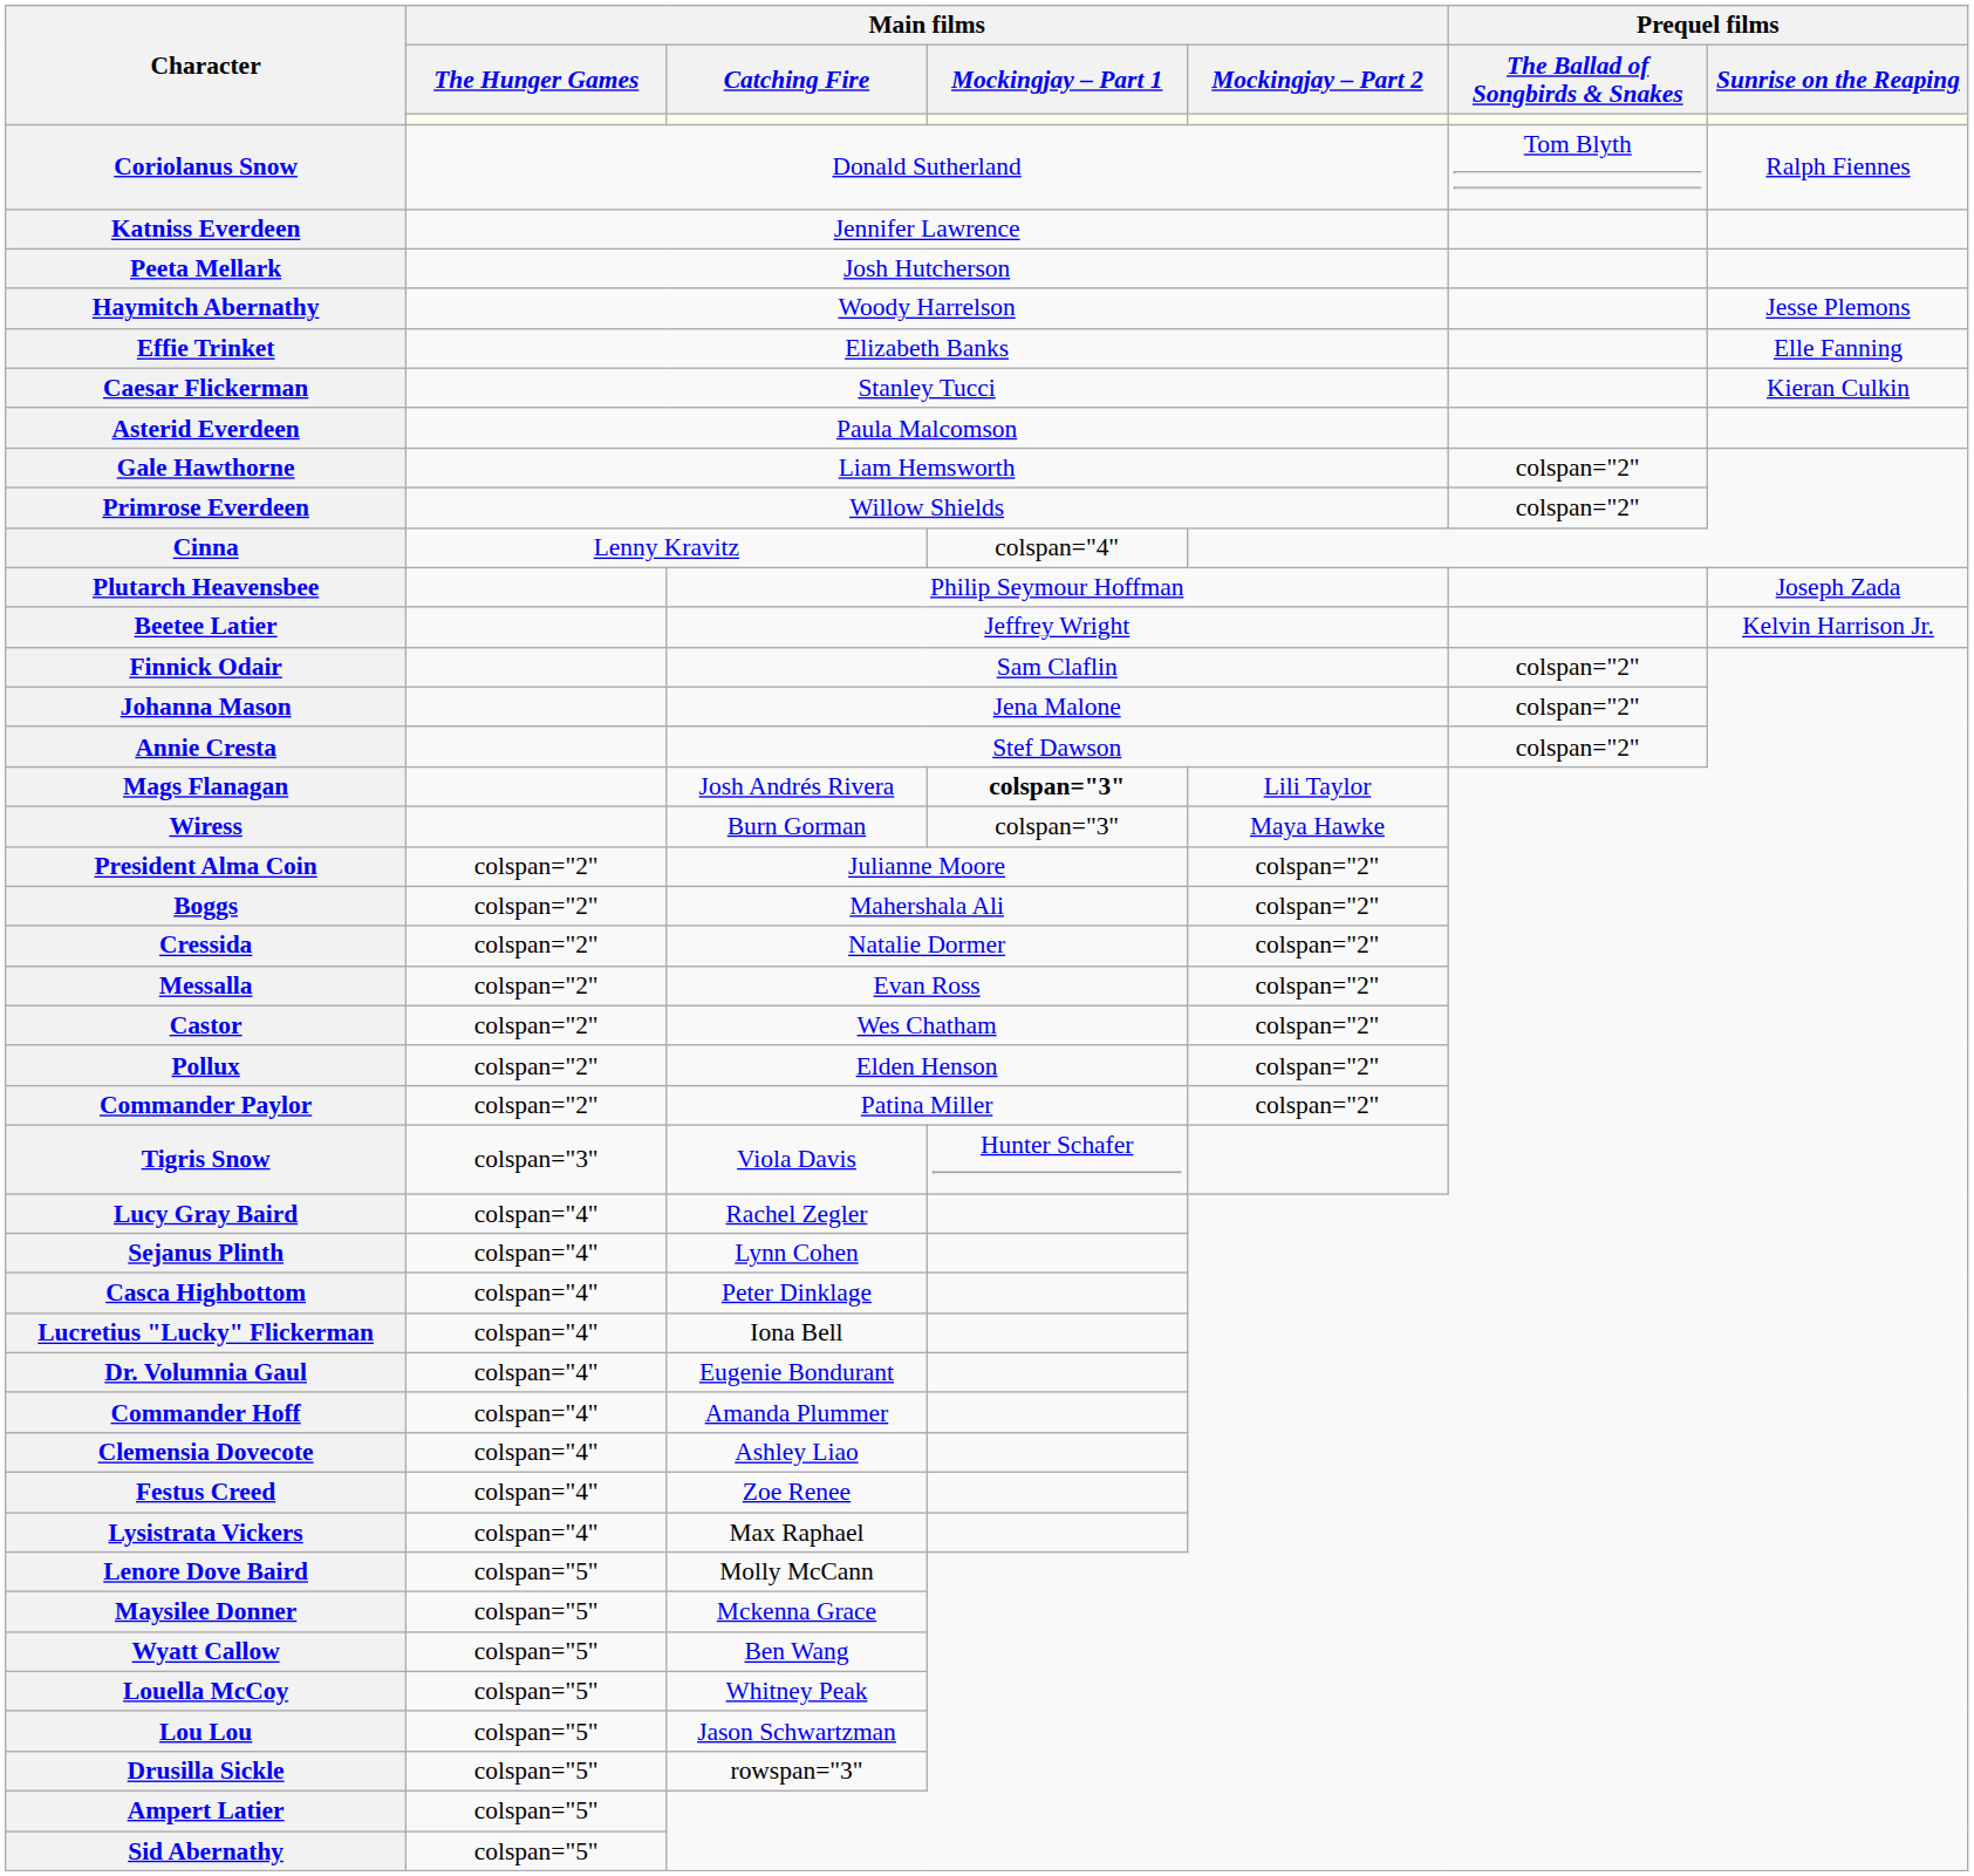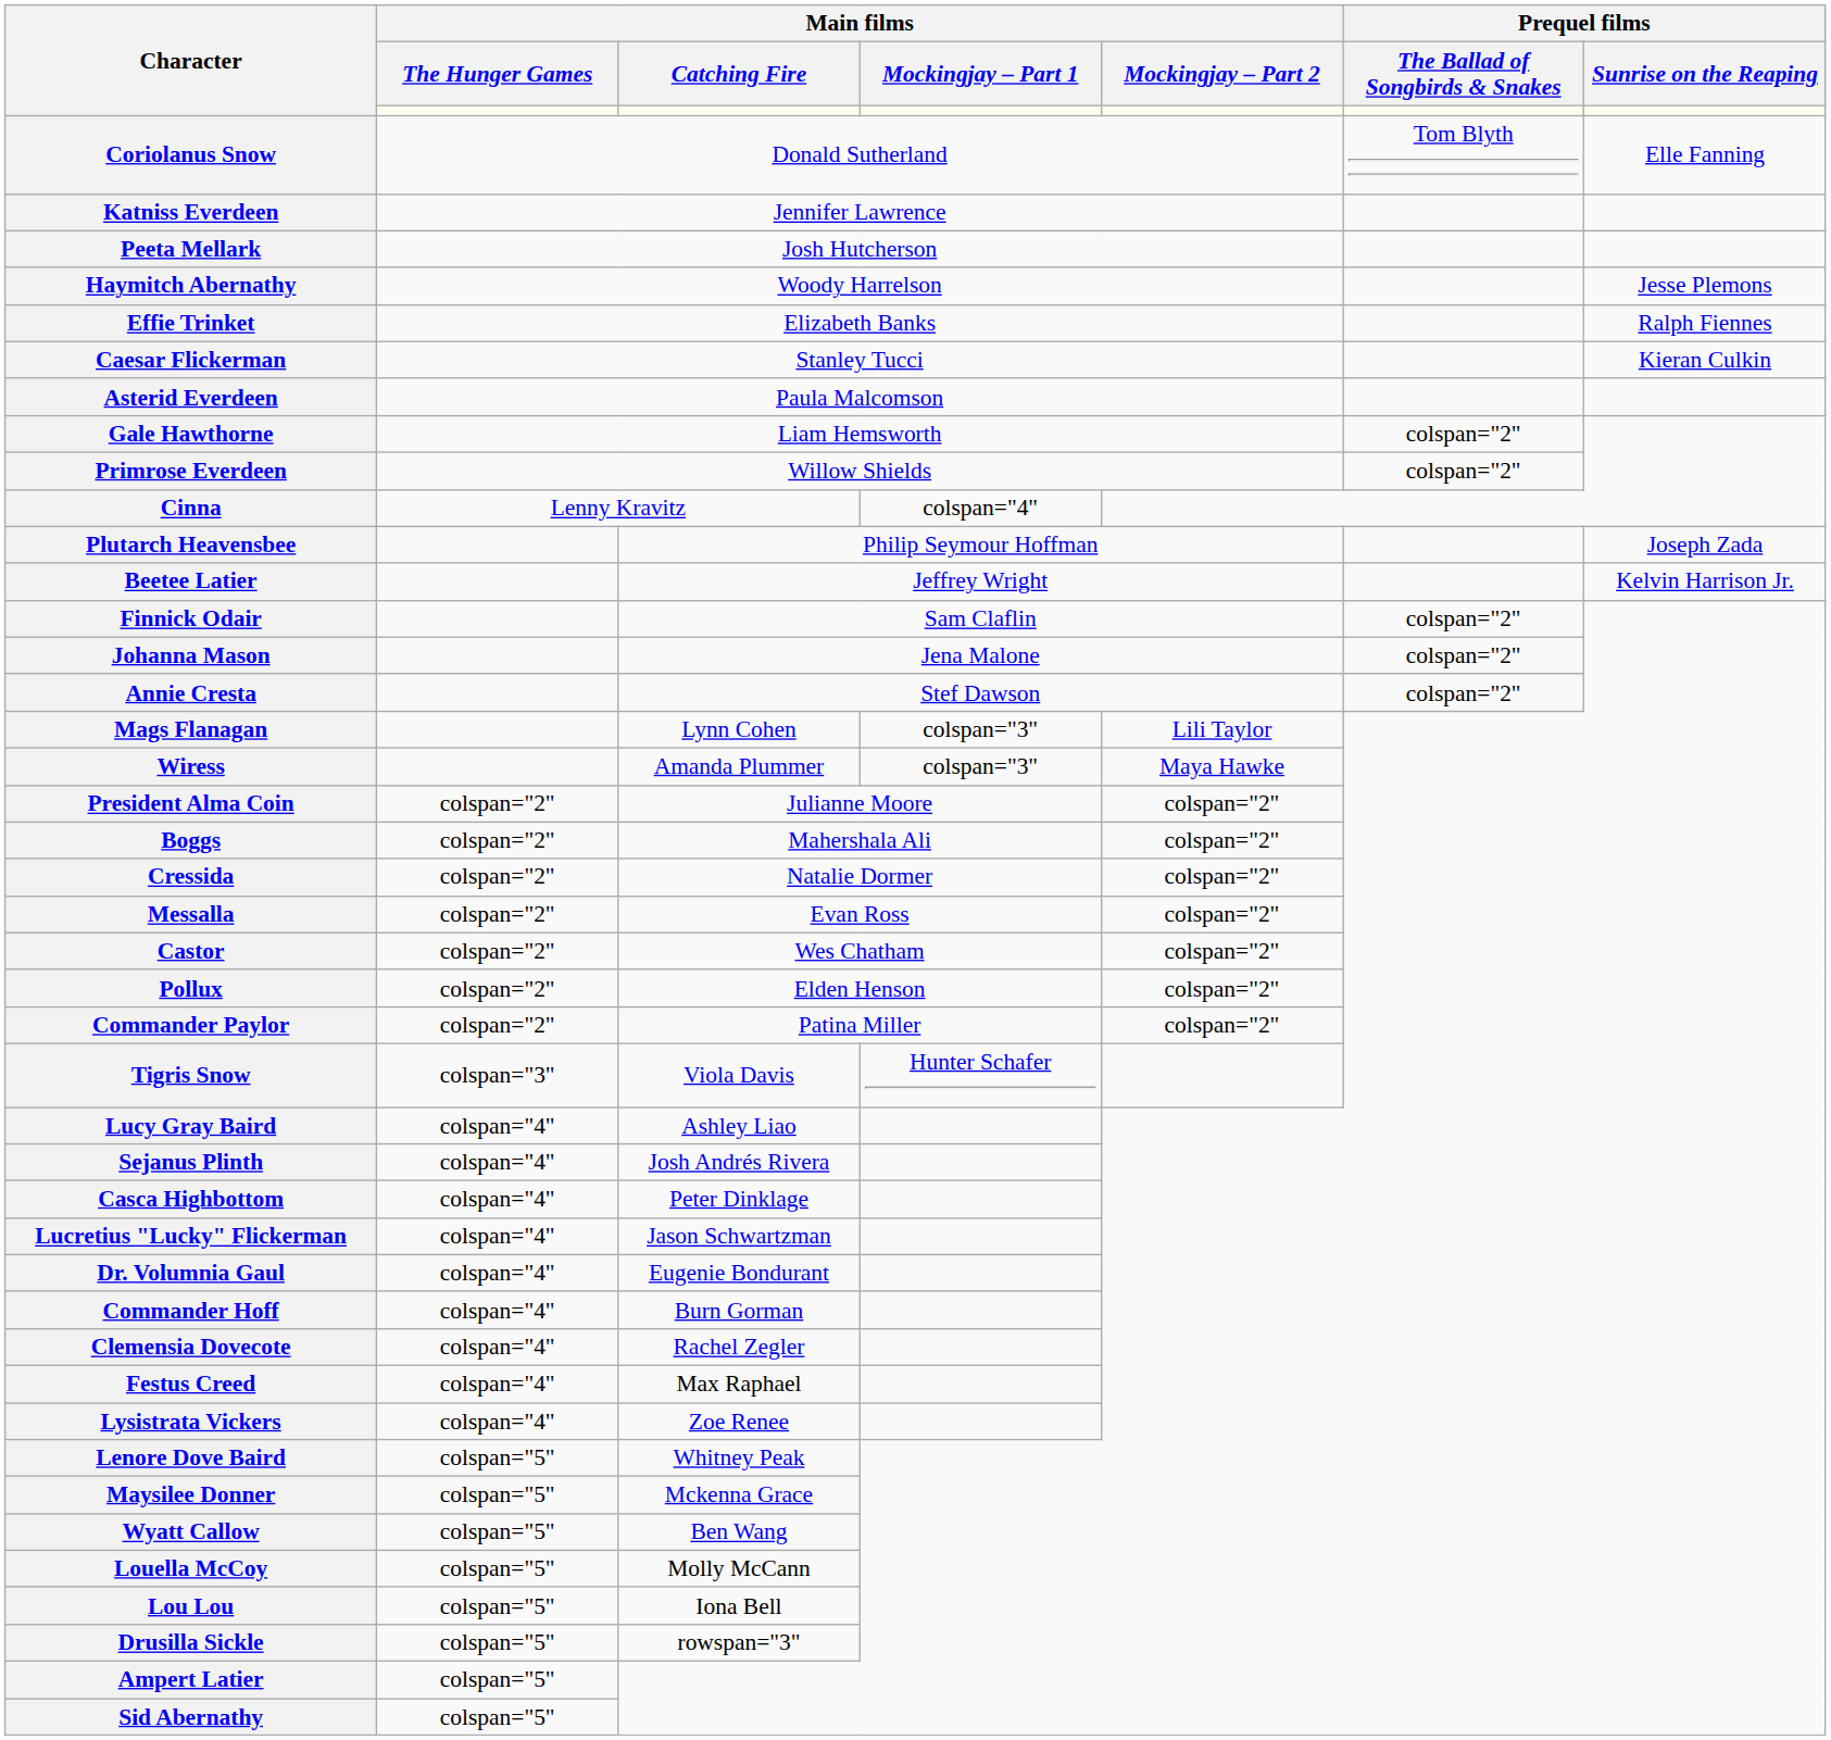 <table class="wikitable" style="text-align:center; width:99%">
 <tr>
 <th rowspan="3" width="20%">Character</th>
 <th colspan="4">Main films</th>
 <th colspan="2">Prequel films</th>
 </tr>
 <tr>
 <th width="13%"><em><a href='#'>The Hunger Games</a></em></th>
 <th width="13%"><em><a href='#'>Catching Fire</a></em></th>
 <th width="13%"><em><a href='#'>Mockingjay – Part 1</a></em></th>
 <th width="13%"><em><a href='#'>Mockingjay – Part 2</a></em></th>
 <th width="13%"><em><a href='#'>The Ballad of <br>Songbirds & Snakes</a></em></th>
 <th width="13%"><em><a href='#'>Sunrise on the Reaping</a></em></th>
 </tr>
 <tr>
 <th style="background:ivory"></th>
 <th style="background:ivory"></th>
 <th style="background:ivory"></th>
 <th style="background:ivory"></th>
 <th style="background:ivory"></th>
 <th style="background:ivory"></th>
 </tr>
 <tr>
 <th><a href='#'>Coriolanus Snow</a></th>
 <td colspan="4"><a href='#'>Donald Sutherland</a></td>
 <td><a href='#'>Tom Blyth</a><hr><hr></td>
-<td><a href='#'>Ralph Fiennes</a></td>
+<td><a href='#'>Elle Fanning</a></td>
 </tr>
 <tr>
 <th><a href='#'>Katniss Everdeen</a></th>
 <td colspan="4"><a href='#'>Jennifer Lawrence</a></td>
 <td></td>
 <td></td>
 </tr>
 <tr>
 <th><a href='#'>Peeta Mellark</a></th>
 <td colspan="4"><a href='#'>Josh Hutcherson</a></td>
 <td></td>
 <td></td>
 </tr>
 <tr>
 <th><a href='#'>Haymitch Abernathy</a></th>
 <td colspan="4"><a href='#'>Woody Harrelson</a></td>
 <td></td>
 <td rowspan="1"><a href='#'>Jesse Plemons</a></td>
 </tr>
 <tr>
 <th><a href='#'>Effie Trinket</a></th>
 <td colspan="4"><a href='#'>Elizabeth Banks</a></td>
 <td></td>
-<td><a href='#'>Elle Fanning</a></td>
+<td><a href='#'>Ralph Fiennes</a></td>
 </tr>
 <tr>
 <th><a href='#'>Caesar Flickerman</a></th>
 <td colspan="4"><a href='#'>Stanley Tucci</a></td>
 <td></td>
 <td><a href='#'>Kieran Culkin</a></td>
 </tr>
 <tr>
 <th><a href='#'>Asterid Everdeen</a></th>
 <td colspan="4"><a href='#'>Paula Malcomson</a></td>
 <td></td>
 <td></td>
 </tr>
 <tr>
 <th><a href='#'>Gale Hawthorne</a></th>
 <td colspan="4"><a href='#'>Liam Hemsworth</a></td>
 <td>colspan="2" </td>
 </tr>
 <tr>
 <th><a href='#'>Primrose Everdeen</a></th>
 <td colspan="4"><a href='#'>Willow Shields</a></td>
 <td>colspan="2" </td>
 </tr>
 <tr>
 <th><a href='#'>Cinna</a></th>
 <td colspan="2"><a href='#'>Lenny Kravitz</a></td>
 <td>colspan="4" </td>
 </tr>
 <tr>
 <th><a href='#'>Plutarch Heavensbee</a></th>
 <td></td>
 <td colspan="3"><a href='#'>Philip Seymour Hoffman</a></td>
 <td></td>
 <td><a href='#'>Joseph Zada</a></td>
 </tr>
 <tr>
 <th><a href='#'>Beetee Latier</a></th>
 <td></td>
 <td colspan="3"><a href='#'>Jeffrey Wright</a></td>
 <td></td>
 <td><a href='#'>Kelvin Harrison Jr.</a></td>
 </tr>
 <tr>
 <th><a href='#'>Finnick Odair</a></th>
 <td></td>
 <td colspan="3"><a href='#'>Sam Claflin</a></td>
 <td>colspan="2" </td>
 </tr>
 <tr>
 <th><a href='#'>Johanna Mason</a></th>
 <td></td>
 <td colspan="3"><a href='#'>Jena Malone</a></td>
 <td>colspan="2" </td>
 </tr>
 <tr>
 <th><a href='#'>Annie Cresta</a></th>
 <td></td>
 <td colspan="3"><a href='#'>Stef Dawson</a></td>
 <td>colspan="2" </td>
 </tr>
 <tr>
 <th><a href='#'>Mags Flanagan</a></th>
 <td></td>
-<td><a href='#'>Josh Andrés Rivera</a></td>
-<td><strong>colspan="3" </strong></td>
+<td><a href='#'>Lynn Cohen</a></td>
+<td>colspan="3" </td>
 <td><a href='#'>Lili Taylor</a></td>
 </tr>
 <tr>
 <th><a href='#'>Wiress</a></th>
 <td></td>
-<td><a href='#'>Burn Gorman</a></td>
+<td><a href='#'>Amanda Plummer</a></td>
 <td>colspan="3" </td>
 <td><a href='#'>Maya Hawke</a></td>
 </tr>
 <tr>
 <th><a href='#'>President Alma Coin</a></th>
 <td>colspan="2" </td>
 <td colspan="2"><a href='#'>Julianne Moore</a></td>
 <td>colspan="2" </td>
 </tr>
 <tr>
 <th><a href='#'>Boggs</a></th>
 <td>colspan="2" </td>
 <td colspan="2"><a href='#'>Mahershala Ali</a></td>
 <td>colspan="2" </td>
 </tr>
 <tr>
 <th><a href='#'>Cressida</a></th>
 <td>colspan="2" </td>
 <td colspan="2"><a href='#'>Natalie Dormer</a></td>
 <td>colspan="2" </td>
 </tr>
 <tr>
 <th><a href='#'>Messalla</a></th>
 <td>colspan="2" </td>
 <td colspan="2"><a href='#'>Evan Ross</a></td>
 <td>colspan="2" </td>
 </tr>
 <tr>
 <th><a href='#'>Castor</a></th>
 <td>colspan="2" </td>
 <td colspan="2"><a href='#'>Wes Chatham</a></td>
 <td>colspan="2" </td>
 </tr>
 <tr>
 <th><a href='#'>Pollux</a></th>
 <td>colspan="2" </td>
 <td colspan="2"><a href='#'>Elden Henson</a></td>
 <td>colspan="2" </td>
 </tr>
 <tr>
 <th><a href='#'>Commander Paylor</a></th>
 <td>colspan="2" </td>
 <td colspan="2"><a href='#'>Patina Miller</a></td>
 <td>colspan="2" </td>
 </tr>
 <tr>
 <th><a href='#'>Tigris Snow</a></th>
 <td>colspan="3" </td>
 <td><a href='#'>Viola Davis</a></td>
 <td><a href='#'>Hunter Schafer</a><hr></td>
 <td></td>
 </tr>
 <tr>
 <th><a href='#'>Lucy Gray Baird</a></th>
 <td>colspan="4" </td>
-<td><a href='#'>Rachel Zegler</a></td>
+<td><a href='#'>Ashley Liao</a></td>
 <td></td>
 </tr>
 <tr>
 <th><a href='#'>Sejanus Plinth</a></th>
 <td>colspan="4" </td>
-<td><a href='#'>Lynn Cohen</a></td>
+<td><a href='#'>Josh Andrés Rivera</a></td>
 <td></td>
 </tr>
 <tr>
 <th><a href='#'>Casca Highbottom</a></th>
 <td>colspan="4" </td>
 <td><a href='#'>Peter Dinklage</a></td>
 <td></td>
 </tr>
 <tr>
 <th><a href='#'>Lucretius "Lucky" Flickerman</a></th>
 <td>colspan="4" </td>
-<td>Iona Bell</td>
+<td><a href='#'>Jason Schwartzman</a></td>
 <td></td>
 </tr>
 <tr>
 <th><a href='#'>Dr. Volumnia Gaul</a></th>
 <td>colspan="4" </td>
 <td><a href='#'>Eugenie Bondurant</a></td>
 <td></td>
 </tr>
 <tr>
 <th><a href='#'>Commander Hoff</a></th>
 <td>colspan="4" </td>
-<td><a href='#'>Amanda Plummer</a></td>
+<td><a href='#'>Burn Gorman</a></td>
 <td></td>
 </tr>
 <tr>
 <th><a href='#'>Clemensia Dovecote</a></th>
 <td>colspan="4" </td>
-<td><a href='#'>Ashley Liao</a></td>
+<td><a href='#'>Rachel Zegler</a></td>
 <td></td>
 </tr>
 <tr>
 <th><a href='#'>Festus Creed</a></th>
 <td>colspan="4" </td>
-<td><a href='#'>Zoe Renee</a></td>
+<td>Max Raphael</td>
 <td></td>
 </tr>
 <tr>
 <th><a href='#'>Lysistrata Vickers</a></th>
 <td>colspan="4" </td>
-<td>Max Raphael</td>
+<td><a href='#'>Zoe Renee</a></td>
 <td></td>
 </tr>
 <tr>
 <th><a href='#'>Lenore Dove Baird</a></th>
 <td>colspan="5" </td>
-<td>Molly McCann</td>
+<td><a href='#'>Whitney Peak</a></td>
 </tr>
 <tr>
 <th><a href='#'>Maysilee Donner</a></th>
 <td>colspan="5" </td>
 <td><a href='#'>Mckenna Grace</a></td>
 </tr>
 <tr>
 <th><a href='#'>Wyatt Callow</a></th>
 <td>colspan="5" </td>
 <td><a href='#'>Ben Wang</a></td>
 </tr>
 <tr>
 <th><a href='#'>Louella McCoy</a></th>
 <td>colspan="5" </td>
-<td><a href='#'>Whitney Peak</a></td>
+<td>Molly McCann</td>
 </tr>
 <tr>
 <th><a href='#'>Lou Lou</a></th>
 <td>colspan="5" </td>
-<td><a href='#'>Jason Schwartzman</a></td>
+<td>Iona Bell</td>
 </tr>
 <tr>
 <th><a href='#'>Drusilla Sickle</a></th>
 <td>colspan="5" </td>
 <td>rowspan="3" </td>
 </tr>
 <tr>
 <th><a href='#'>Ampert Latier</a></th>
 <td>colspan="5" </td>
 </tr>
 <tr>
 <th><a href='#'>Sid Abernathy</a></th>
 <td>colspan="5" </td>
 </tr>
 <tr>
 </tr>
 </table>
